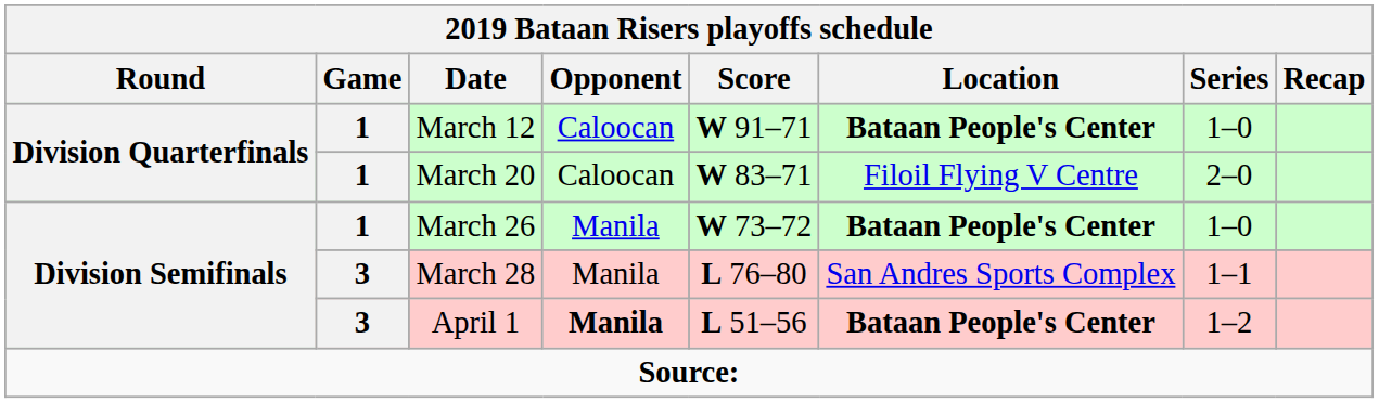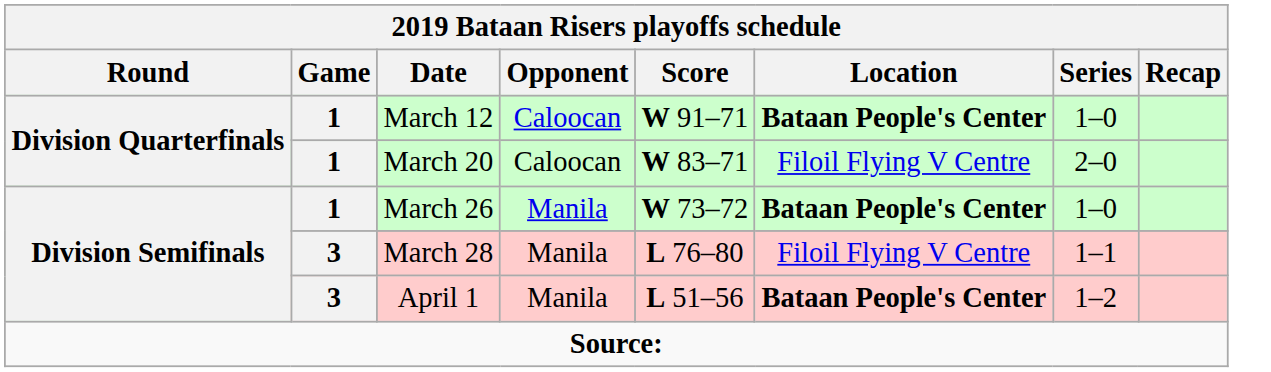 <table class="wikitable" style="text-align:center">
 <tr>
 <th colspan=8>2019 Bataan Risers playoffs schedule</th>
 </tr>
 <tr>
 <th>Round</th>
 <th>Game</th>
 <th>Date</th>
 <th>Opponent</th>
 <th>Score</th>
 <th>Location</th>
 <th>Series</th>
 <th>Recap<br></th>
 </tr>
 <tr style="background:#cfc">
 <th rowspan=2>Division Quarterfinals</th>
 <th>1</th>
 <td>March 12</td>
 <td><a href='#'>Caloocan</a></td>
 <td><strong>W</strong> 91–71</td>
 <td><strong>Bataan People's Center</strong></td>
 <td>1–0</td>
 <td></td>
 </tr>
 <tr style="background:#cfc">
 <th>1</th>
 <td>March 20</td>
 <td>Caloocan</td>
 <td><strong>W</strong> 83–71</td>
 <td><a href='#'>Filoil Flying V Centre</a></td>
 <td>2–0</td>
 <td><br></td>
 </tr>
 <tr style="background:#cfc">
 <th rowspan=3>Division Semifinals</th>
 <th>1</th>
 <td>March 26</td>
 <td><a href='#'>Manila</a></td>
 <td><strong>W</strong> 73–72</td>
 <td><strong>Bataan People's Center</strong></td>
 <td>1–0</td>
 <td></td>
 </tr>
 <tr style="background:#fcc">
 <th>3</th>
 <td>March 28</td>
 <td>Manila</td>
 <td><strong>L</strong> 76–80</td>
-<td><a href='#'>San Andres Sports Complex</a></td>
+<td><a href='#'>Filoil Flying V Centre</a></td>
 <td>1–1</td>
 <td></td>
 </tr>
 <tr style="background:#fcc">
 <th>3</th>
 <td>April 1</td>
-<td><strong>Manila</strong></td>
+<td>Manila</td>
 <td><strong>L</strong> 51–56</td>
 <td><strong>Bataan People's Center</strong></td>
 <td>1–2</td>
 <td></td>
 </tr>
 <tr>
 <td colspan=8 align=center><strong>Source: </strong></td>
 </tr>
 </table>
